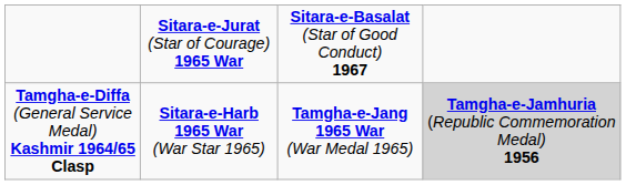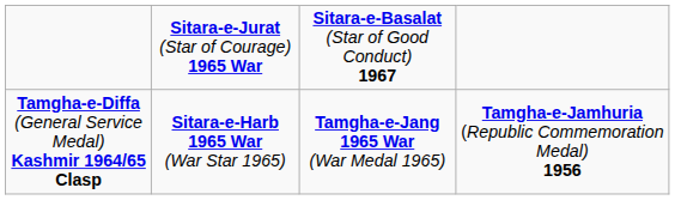 <table class="wikitable" style="margin:1em auto; text-align:center;">
 <tr>
 <td></td>
 <td><strong><a href='#'>Sitara-e-Jurat</a></strong><br><em>(Star of Courage)</em><br><strong><a href='#'>1965 War</a></strong></td>
 <td><strong><a href='#'>Sitara-e-Basalat</a></strong><br><em>(Star of Good Conduct)</em><br><strong>1967</strong></td>
 <td></td>
 </tr>
 <tr>
 <td><strong><a href='#'>Tamgha-e-Diffa</a></strong><br><em>(General Service Medal)</em><br><strong><a href='#'>Kashmir 1964/65</a> Clasp</strong></td>
 <td><strong><a href='#'>Sitara-e-Harb 1965 War</a></strong><br><em>(War Star 1965)</em></td>
 <td><strong><a href='#'>Tamgha-e-Jang 1965 War</a></strong><br><em>(War Medal 1965)</em></td>
-<td style="background: lightgrey;"><strong><a href='#'>Tamgha-e-Jamhuria</a></strong><br>(<em>Republic Commemoration Medal)</em><br><strong>1956</strong></td>
+<td><strong><a href='#'>Tamgha-e-Jamhuria</a></strong><br>(<em>Republic Commemoration Medal)</em><br><strong>1956</strong></td>
 </tr>
 </table>
